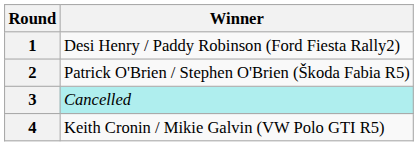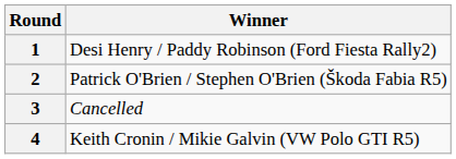 <table class="wikitable" style="font-size: 95%;">
 <tr>
 <th>Round</th>
 <th>Winner</th>
 </tr>
 <tr>
 <th>1</th>
 <td>Desi Henry / Paddy Robinson (Ford Fiesta Rally2)</td>
 </tr>
 <tr>
 <th>2</th>
 <td>Patrick O'Brien / Stephen O'Brien (Škoda Fabia R5)</td>
 </tr>
 <tr>
 <th>3</th>
-<td style="background: paleturquoise;"><em>Cancelled</em></td>
+<td><em>Cancelled</em></td>
 </tr>
 <tr>
 <th>4</th>
 <td>Keith Cronin / Mikie Galvin (VW Polo GTI R5)</td>
 </tr>
 </table>
